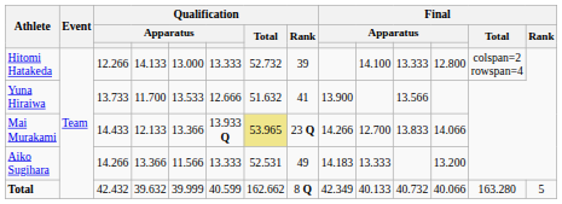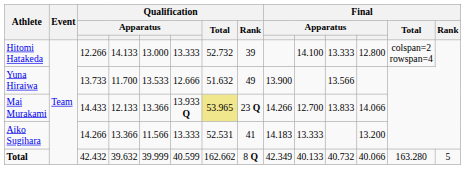 <table class="wikitable" style="font-size:90%">
 <tr>
 <th rowspan=3>Athlete</th>
 <th rowspan=3>Event</th>
 <th colspan=6>Qualification</th>
 <th colspan=6>Final</th>
 </tr>
 <tr style="font-size:95%">
 <th colspan=4>Apparatus</th>
 <th rowspan=2>Total</th>
 <th rowspan=2>Rank</th>
 <th colspan=4>Apparatus</th>
 <th rowspan=2>Total</th>
 <th rowspan=2>Rank</th>
 </tr>
 <tr style="font-size:95%">
 <th></th>
 <th></th>
 <th></th>
 <th></th>
 <th></th>
 <th></th>
 <th></th>
 <th></th>
 </tr>
 <tr align=center>
 <td align=left><a href='#'>Hitomi Hatakeda</a></td>
 <td align=left rowspan=5><a href='#'>Team</a></td>
 <td>12.266</td>
 <td>14.133</td>
 <td>13.000</td>
 <td>13.333</td>
 <td>52.732</td>
 <td>39</td>
 <td></td>
 <td>14.100</td>
 <td>13.333</td>
 <td>12.800</td>
 <td>colspan=2 rowspan=4 </td>
 </tr>
 <tr align=center>
 <td align=left><a href='#'>Yuna Hiraiwa</a></td>
 <td>13.733</td>
 <td>11.700</td>
 <td>13.533</td>
 <td>12.666</td>
 <td>51.632</td>
-<td>41</td>
+<td>49</td>
 <td>13.900</td>
 <td></td>
 <td>13.566</td>
 <td></td>
 </tr>
 <tr align=center>
 <td align=left><a href='#'>Mai Murakami</a></td>
 <td>14.433</td>
 <td>12.133</td>
 <td>13.366</td>
 <td>13.933 <strong>Q</strong></td>
 <td style="background: khaki;">53.965</td>
 <td>23 <strong>Q</strong></td>
 <td>14.266</td>
 <td>12.700</td>
 <td>13.833</td>
 <td>14.066</td>
 </tr>
 <tr align=center>
 <td align=left><a href='#'>Aiko Sugihara</a></td>
 <td>14.266</td>
 <td>13.366</td>
 <td>11.566</td>
 <td>13.333</td>
 <td>52.531</td>
-<td>49</td>
+<td>41</td>
 <td>14.183</td>
 <td>13.333</td>
 <td></td>
 <td>13.200</td>
 </tr>
 <tr align=center>
 <td align=left><strong>Total</strong></td>
 <td>42.432</td>
 <td>39.632</td>
 <td>39.999</td>
 <td>40.599</td>
 <td>162.662</td>
 <td>8 <strong>Q</strong></td>
 <td>42.349</td>
 <td>40.133</td>
 <td>40.732</td>
 <td>40.066</td>
 <td>163.280</td>
 <td>5</td>
 </tr>
 </table>
